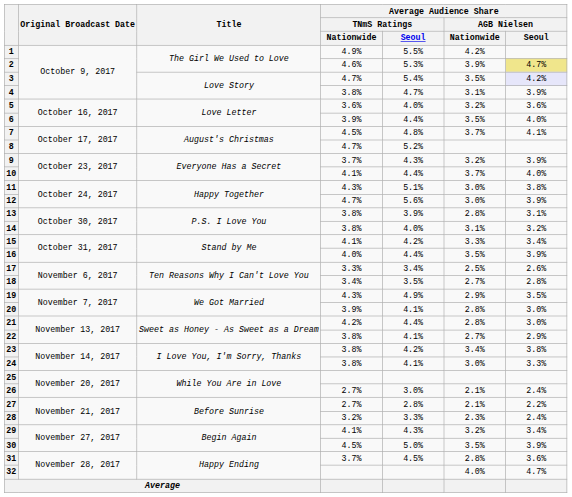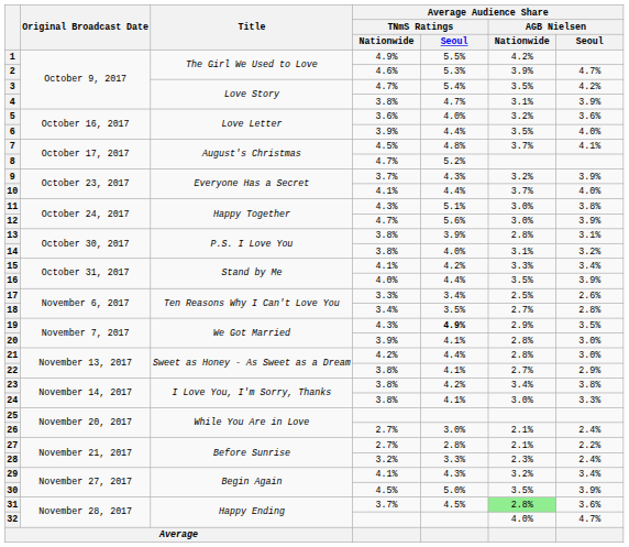 <table class="wikitable" style="text-align:center;">
 <tr>
 <th rowspan="3"></th>
 <th rowspan="3">Original Broadcast Date</th>
 <th rowspan="3">Title</th>
 <th colspan="4">Average Audience Share</th>
 </tr>
 <tr>
 <th colspan="2">TNmS Ratings</th>
 <th colspan="2">AGB Nielsen</th>
 </tr>
 <tr>
 <th width="90">Nationwide</th>
 <th width="90"><a href='#'>Seoul</a></th>
 <th width="90">Nationwide</th>
 <th width="90">Seoul</th>
 </tr>
 <tr>
 <th>1</th>
 <td rowspan="4">October 9, 2017</td>
 <td rowspan="2"><em>The Girl We Used to Love</em></td>
 <td>4.9% </td>
 <td>5.5% </td>
 <td>4.2% </td>
 <td> </td>
 </tr>
 <tr>
 <th>2</th>
 <td>4.6% </td>
 <td>5.3% </td>
 <td>3.9% </td>
-<td style="background: khaki;">4.7% </td>
+<td>4.7% </td>
 </tr>
 <tr>
 <th>3</th>
 <td rowspan="2"><em>Love Story</em></td>
 <td>4.7% </td>
 <td>5.4% </td>
 <td>3.5% </td>
-<td style="background: lavender;">4.2% </td>
+<td>4.2% </td>
 </tr>
 <tr>
 <th>4</th>
 <td>3.8% </td>
 <td>4.7% </td>
 <td>3.1% </td>
 <td>3.9% </td>
 </tr>
 <tr>
 <th>5</th>
 <td rowspan="2">October 16, 2017</td>
 <td rowspan="2"><em>Love Letter</em></td>
 <td>3.6% </td>
 <td>4.0% </td>
 <td>3.2% </td>
 <td>3.6% </td>
 </tr>
 <tr>
 <th>6</th>
 <td>3.9% </td>
 <td>4.4% </td>
 <td>3.5% </td>
 <td>4.0% </td>
 </tr>
 <tr>
 <th>7</th>
 <td rowspan="2">October 17, 2017</td>
 <td rowspan="2"><em>August's Christmas</em></td>
 <td>4.5% </td>
 <td>4.8% </td>
 <td>3.7% </td>
 <td>4.1% </td>
 </tr>
 <tr>
 <th>8</th>
 <td>4.7% </td>
 <td>5.2% </td>
 <td> </td>
 <td> </td>
 </tr>
 <tr>
 <th>9</th>
 <td rowspan="2">October 23, 2017</td>
 <td rowspan="2"><em>Everyone Has a Secret</em></td>
 <td>3.7% </td>
 <td>4.3% </td>
 <td>3.2% </td>
 <td>3.9% </td>
 </tr>
 <tr>
 <th>10</th>
 <td>4.1% </td>
 <td>4.4% </td>
 <td>3.7% </td>
 <td>4.0% </td>
 </tr>
 <tr>
 <th>11</th>
 <td rowspan="2">October 24, 2017</td>
 <td rowspan="2"><em>Happy Together</em></td>
 <td>4.3% </td>
 <td>5.1% </td>
 <td>3.0% </td>
 <td>3.8% </td>
 </tr>
 <tr>
 <th>12</th>
 <td>4.7% </td>
 <td>5.6% </td>
 <td>3.0% </td>
 <td>3.9% </td>
 </tr>
 <tr>
 <th>13</th>
 <td rowspan="2">October 30, 2017</td>
 <td rowspan="2"><em>P.S. I Love You</em></td>
 <td>3.8% </td>
 <td>3.9% </td>
 <td>2.8% </td>
 <td>3.1% </td>
 </tr>
 <tr>
 <th>14</th>
 <td>3.8% </td>
 <td>4.0% </td>
 <td>3.1% </td>
 <td>3.2% </td>
 </tr>
 <tr>
 <th>15</th>
 <td rowspan="2">October 31, 2017</td>
 <td rowspan="2"><em>Stand by Me</em></td>
 <td>4.1% </td>
 <td>4.2% </td>
 <td>3.3% </td>
 <td>3.4% </td>
 </tr>
 <tr>
 <th>16</th>
 <td>4.0% </td>
 <td>4.4% </td>
 <td>3.5% </td>
 <td>3.9% </td>
 </tr>
 <tr>
 <th>17</th>
 <td rowspan="2">November 6, 2017</td>
 <td rowspan="2"><em>Ten Reasons Why I Can't Love You</em></td>
 <td>3.3% </td>
 <td>3.4% </td>
 <td>2.5% </td>
 <td>2.6% </td>
 </tr>
 <tr>
 <th>18</th>
 <td>3.4% </td>
 <td>3.5% </td>
 <td>2.7% </td>
 <td>2.8% </td>
 </tr>
 <tr>
 <th>19</th>
 <td rowspan="2">November 7, 2017</td>
 <td rowspan="2"><em>We Got Married</em></td>
 <td>4.3% </td>
-<td>4.9% </td>
+<td><strong>4.9% </strong></td>
 <td>2.9% </td>
 <td>3.5% </td>
 </tr>
 <tr>
 <th>20</th>
 <td>3.9% </td>
 <td>4.1% </td>
 <td>2.8% </td>
 <td>3.0% </td>
 </tr>
 <tr>
 <th>21</th>
 <td rowspan="2">November 13, 2017</td>
 <td rowspan="2"><em>Sweet as Honey - As Sweet as a Dream</em></td>
 <td>4.2% </td>
 <td>4.4% </td>
 <td>2.8% </td>
 <td>3.0% </td>
 </tr>
 <tr>
 <th>22</th>
 <td>3.8% </td>
 <td>4.1% </td>
 <td>2.7% </td>
 <td>2.9% </td>
 </tr>
 <tr>
 <th>23</th>
 <td rowspan="2">November 14, 2017</td>
 <td rowspan="2"><em>I Love You, I'm Sorry, Thanks</em></td>
 <td>3.8% </td>
 <td>4.2% </td>
 <td>3.4% </td>
 <td>3.8% </td>
 </tr>
 <tr>
 <th>24</th>
 <td>3.8% </td>
 <td>4.1% </td>
 <td>3.0% </td>
 <td>3.3% </td>
 </tr>
 <tr>
 <th>25</th>
 <td rowspan="2">November 20, 2017</td>
 <td rowspan="2"><em>While You Are in Love</em></td>
 <td> </td>
 <td> </td>
 <td> </td>
 <td> </td>
 </tr>
 <tr>
 <th>26</th>
 <td>2.7% </td>
 <td>3.0% </td>
 <td>2.1% </td>
 <td>2.4% </td>
 </tr>
 <tr>
 <th>27</th>
 <td rowspan="2">November 21, 2017</td>
 <td rowspan="2"><em>Before Sunrise</em></td>
 <td>2.7% </td>
 <td>2.8% </td>
 <td>2.1% </td>
 <td>2.2% </td>
 </tr>
 <tr>
 <th>28</th>
 <td>3.2% </td>
 <td>3.3% </td>
 <td>2.3% </td>
 <td>2.4% </td>
 </tr>
 <tr>
 <th>29</th>
 <td rowspan="2">November 27, 2017</td>
 <td rowspan="2"><em>Begin Again</em></td>
 <td>4.1% </td>
 <td>4.3% </td>
 <td>3.2% </td>
 <td>3.4% </td>
 </tr>
 <tr>
 <th>30</th>
 <td>4.5% </td>
 <td>5.0% </td>
 <td>3.5% </td>
 <td>3.9% </td>
 </tr>
 <tr>
 <th>31</th>
 <td rowspan="2">November 28, 2017</td>
 <td rowspan="2"><em>Happy Ending</em></td>
 <td>3.7% </td>
 <td>4.5% </td>
-<td>2.8% </td>
+<td style="background: lightgreen;">2.8% </td>
 <td>3.6% </td>
 </tr>
 <tr>
 <th>32</th>
 <td> </td>
 <td> </td>
 <td>4.0% </td>
 <td>4.7% </td>
 </tr>
 <tr>
 <th colspan="3"><em>Average</em></th>
 <th></th>
 <th></th>
 <th></th>
 <th></th>
 </tr>
 </table>
